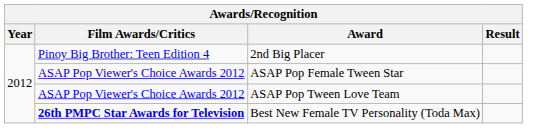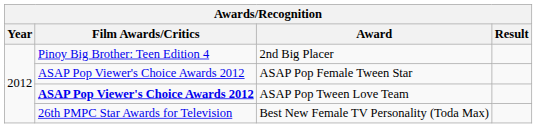 <table class="wikitable">
 <tr>
 <th colspan=4>Awards/Recognition</th>
 </tr>
 <tr>
 <th>Year</th>
 <th>Film Awards/Critics</th>
 <th>Award</th>
 <th>Result</th>
 </tr>
 <tr>
 <td rowspan=4>2012</td>
 <td><a href='#'>Pinoy Big Brother: Teen Edition 4</a></td>
 <td>2nd Big Placer</td>
 <td></td>
 </tr>
 <tr>
 <td><a href='#'>ASAP Pop Viewer's Choice Awards 2012</a></td>
 <td>ASAP Pop Female Tween Star</td>
 <td></td>
 </tr>
 <tr>
-<td><a href='#'>ASAP Pop Viewer's Choice Awards 2012</a></td>
+<td><strong><a href='#'>ASAP Pop Viewer's Choice Awards 2012</a></strong></td>
 <td>ASAP Pop Tween Love Team</td>
 <td></td>
 </tr>
 <tr>
-<td><strong><a href='#'>26th PMPC Star Awards for Television</a></strong></td>
+<td><a href='#'>26th PMPC Star Awards for Television</a></td>
 <td>Best New Female TV Personality (Toda Max)</td>
 <td></td>
 </tr>
 </table>
